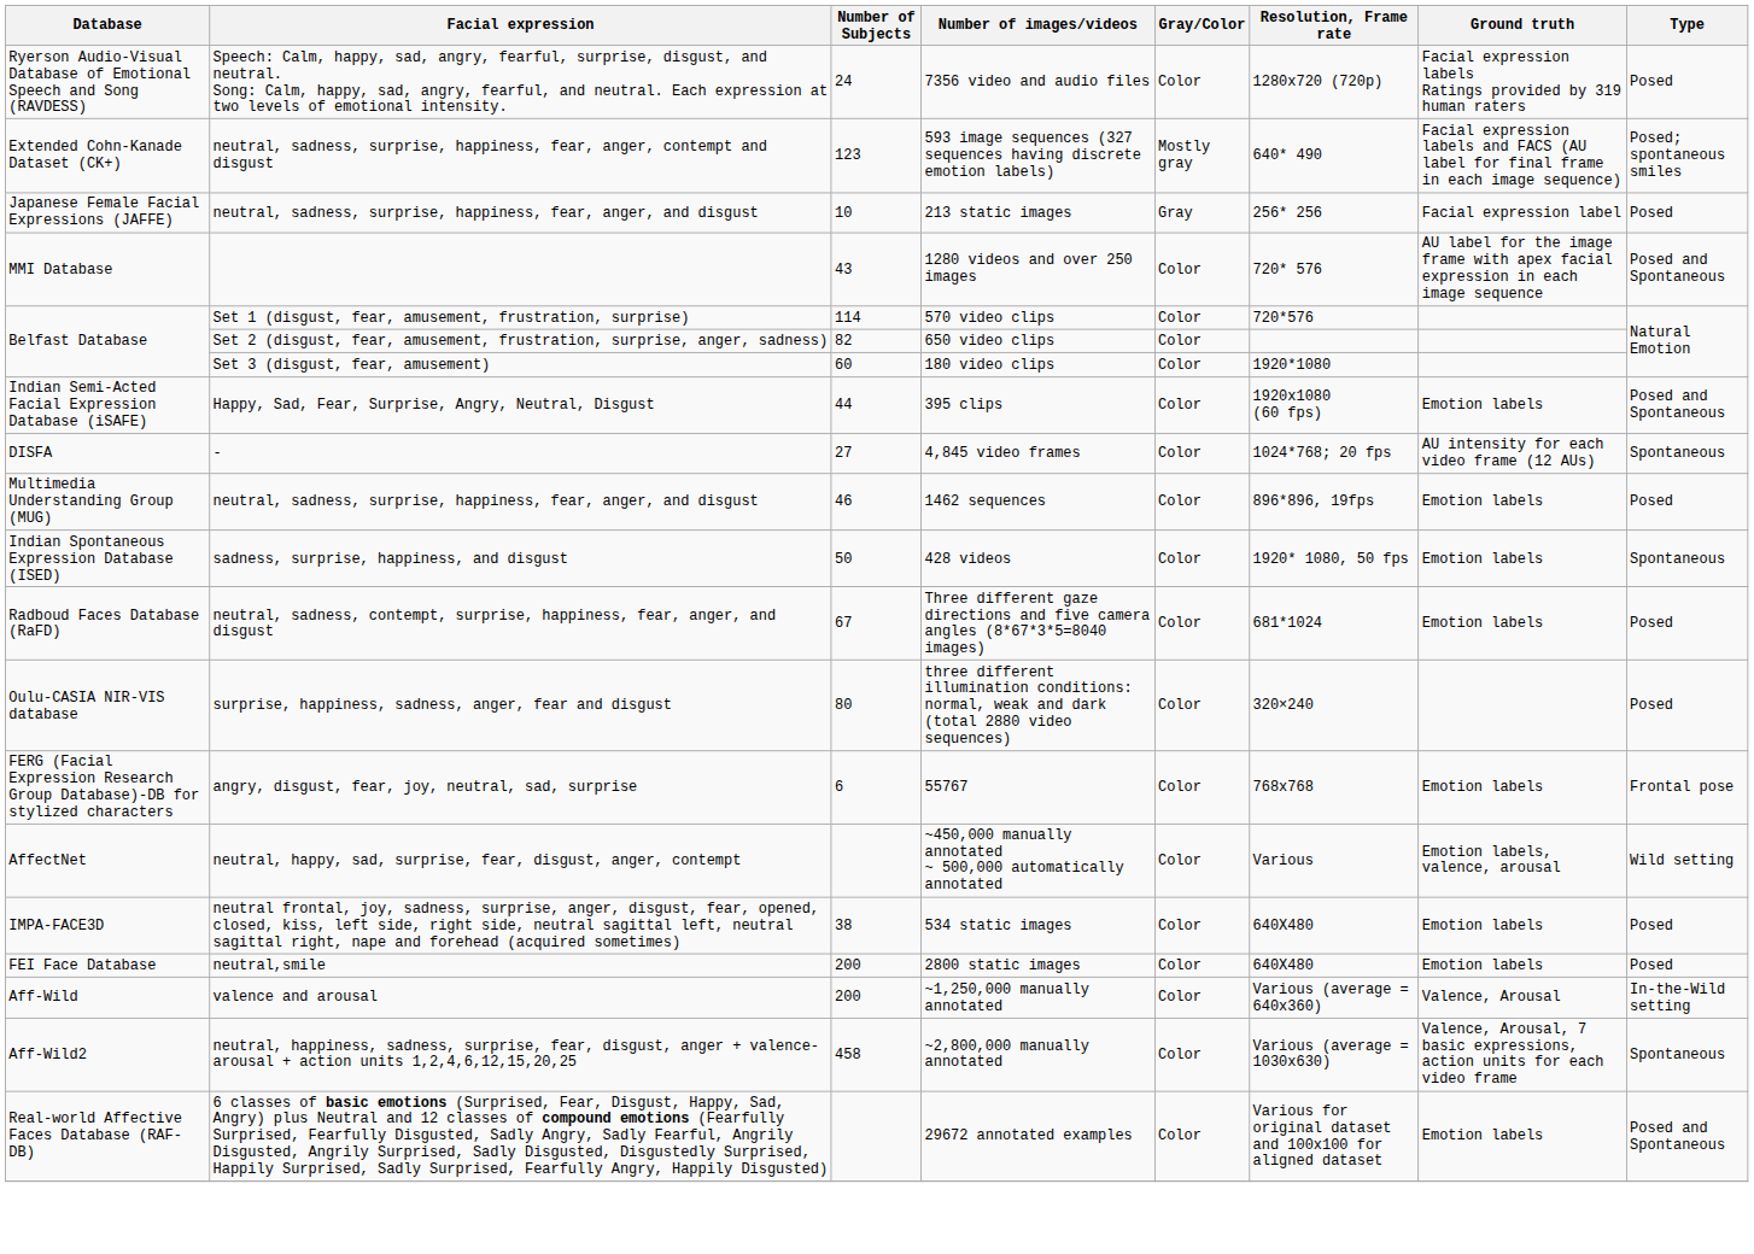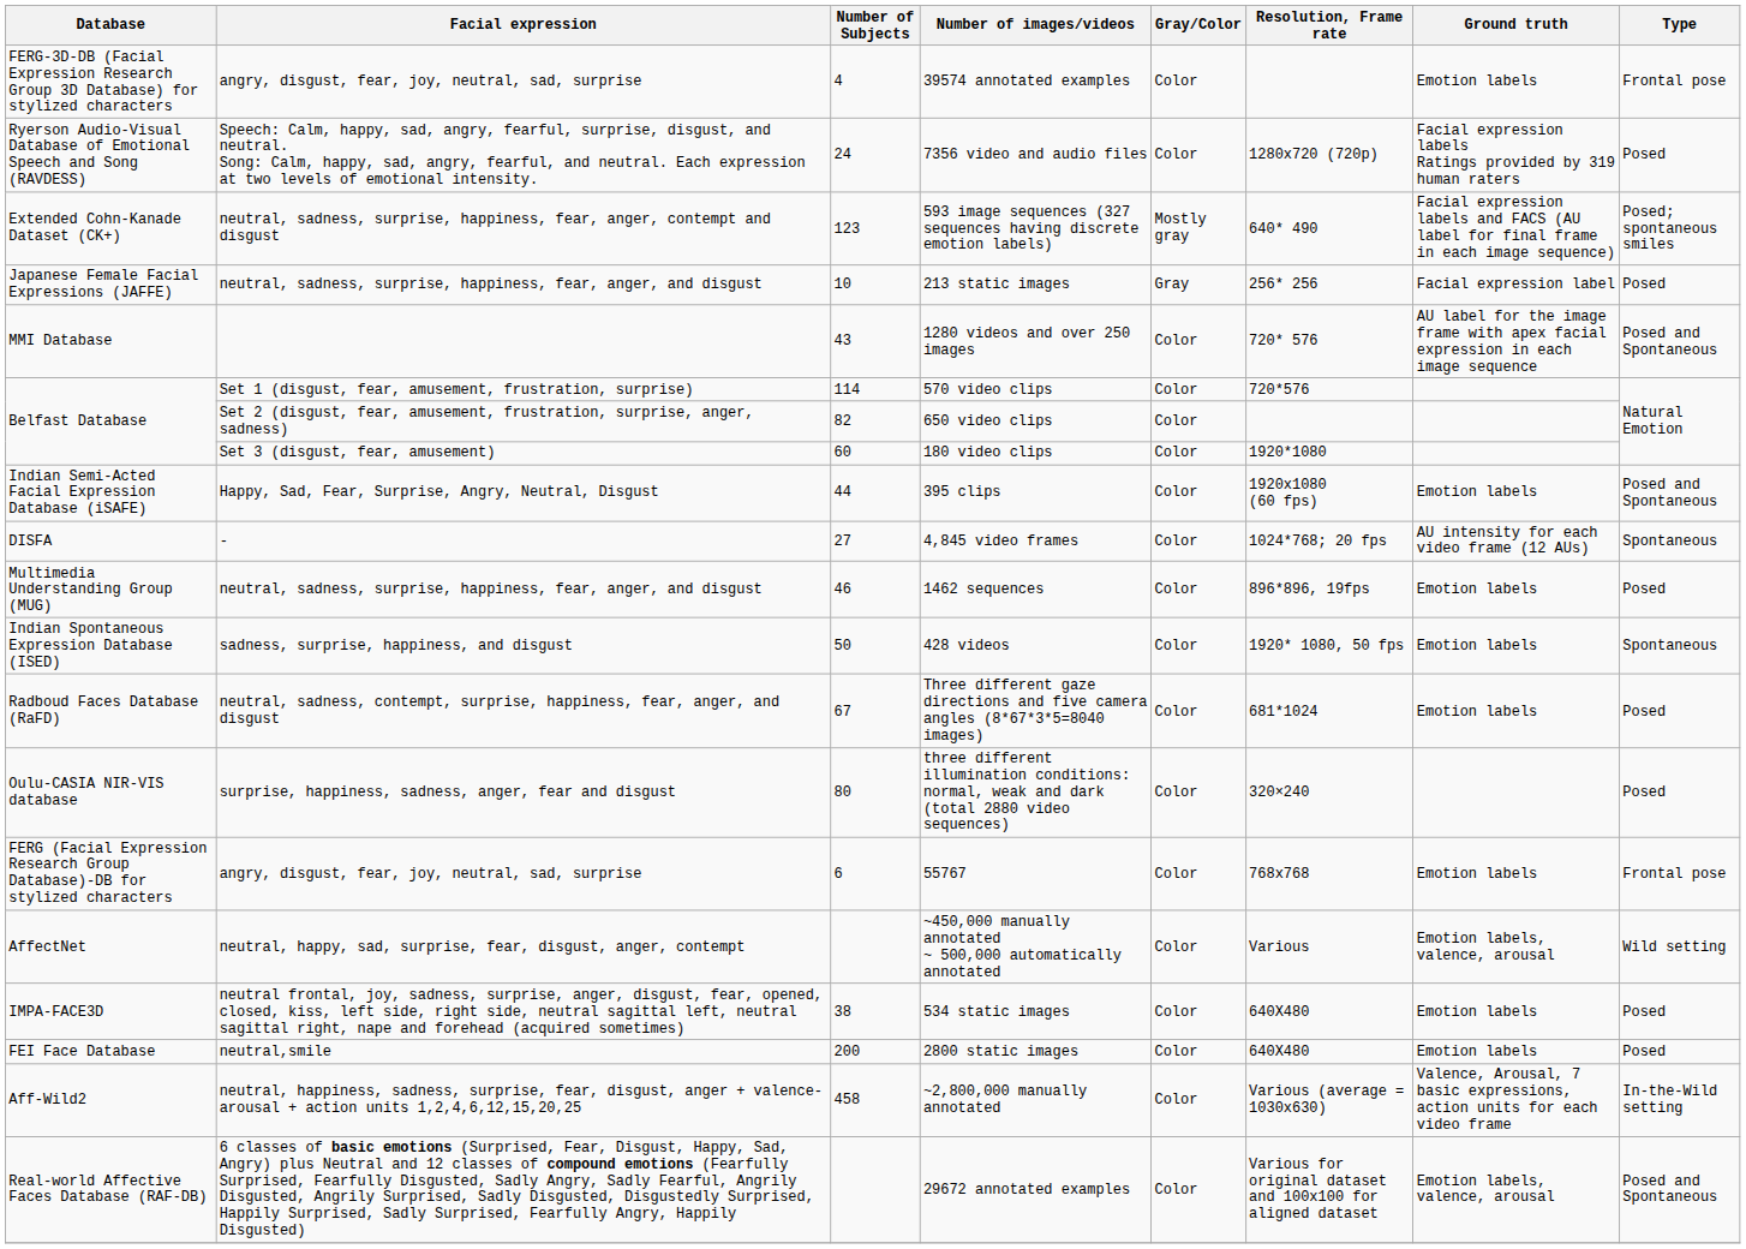 <table class="wikitable">
 <tr>
 <th>Database</th>
 <th>Facial expression</th>
 <th>Number of Subjects</th>
 <th>Number of images/videos</th>
 <th>Gray/Color</th>
 <th>Resolution, Frame rate</th>
 <th>Ground truth</th>
 <th>Type</th>
+</tr>
+<tr>
+<td>FERG-3D-DB (Facial Expression Research Group 3D Database) for stylized characters </td>
+<td>angry, disgust, fear, joy, neutral, sad, surprise</td>
+<td>4</td>
+<td>39574 annotated examples</td>
+<td>Color</td>
+<td></td>
+<td>Emotion labels</td>
+<td>Frontal pose</td>
 </tr>
 <tr>
 <td>Ryerson Audio-Visual Database of Emotional Speech and Song (RAVDESS) </td>
 <td>Speech: Calm, happy, sad, angry, fearful, surprise, disgust, and neutral.<br>Song: Calm, happy, sad, angry, fearful, and neutral.   Each expression at two levels of emotional intensity.</td>
 <td>24 </td>
 <td>7356 video and audio files</td>
 <td>Color</td>
 <td>1280x720 (720p)</td>
 <td>Facial expression labels<br>Ratings provided by 319 human raters</td>
 <td>Posed</td>
 </tr>
 <tr>
 <td>Extended Cohn-Kanade Dataset (CK+)</td>
 <td>neutral, sadness, surprise, happiness, fear, anger, contempt and disgust</td>
 <td>123 </td>
 <td>593 image sequences (327 sequences having discrete emotion labels)</td>
 <td>Mostly gray</td>
 <td>640* 490</td>
 <td>Facial expression labels and FACS (AU label for final frame in each image sequence)</td>
 <td>Posed; spontaneous smiles</td>
 </tr>
 <tr>
 <td>Japanese Female Facial Expressions (JAFFE)</td>
 <td>neutral, sadness, surprise, happiness, fear, anger, and disgust</td>
 <td>10</td>
 <td>213 static images</td>
 <td>Gray</td>
 <td>256* 256</td>
 <td>Facial expression label</td>
 <td>Posed</td>
 </tr>
 <tr>
 <td>MMI Database</td>
 <td></td>
 <td>43</td>
 <td>1280 videos and over 250 images</td>
 <td>Color</td>
 <td>720* 576</td>
 <td>AU label for the image frame with apex facial expression in each image sequence</td>
 <td>Posed and Spontaneous</td>
 </tr>
 <tr>
 <td rowspan="3">Belfast Database</td>
 <td>Set 1 (disgust, fear, amusement, frustration, surprise)</td>
 <td>114</td>
 <td>570 video clips</td>
 <td>Color</td>
 <td>720*576</td>
 <td></td>
 <td rowspan="3">Natural Emotion</td>
 </tr>
 <tr>
 <td>Set 2 (disgust, fear, amusement, frustration, surprise, anger, sadness)</td>
 <td>82</td>
 <td>650 video clips</td>
 <td>Color</td>
 <td></td>
 <td></td>
 </tr>
 <tr>
 <td>Set 3 (disgust, fear, amusement)</td>
 <td>60</td>
 <td>180 video clips</td>
 <td>Color</td>
 <td>1920*1080</td>
 <td></td>
 </tr>
 <tr>
 <td>Indian Semi-Acted Facial Expression Database (iSAFE)</td>
 <td>Happy, Sad, Fear, Surprise, Angry, Neutral, Disgust</td>
 <td>44</td>
 <td>395 clips</td>
 <td>Color</td>
 <td>1920x1080<br>(60 fps)</td>
 <td>Emotion labels</td>
 <td>Posed and Spontaneous</td>
 </tr>
 <tr>
 <td>DISFA</td>
 <td>-</td>
 <td>27</td>
 <td>4,845 video frames</td>
 <td>Color</td>
 <td>1024*768; 20 fps</td>
 <td>AU intensity for each video frame (12 AUs)</td>
 <td>Spontaneous</td>
 </tr>
 <tr>
 <td>Multimedia Understanding Group (MUG)</td>
 <td>neutral, sadness, surprise, happiness, fear, anger, and disgust</td>
 <td>46</td>
 <td>1462 sequences</td>
 <td>Color</td>
 <td>896*896, 19fps</td>
 <td>Emotion labels</td>
 <td>Posed</td>
 </tr>
 <tr>
 <td>Indian Spontaneous Expression Database (ISED)</td>
 <td>sadness, surprise, happiness, and disgust</td>
 <td>50</td>
 <td>428 videos </td>
 <td>Color</td>
 <td>1920* 1080, 50 fps</td>
 <td>Emotion labels</td>
 <td>Spontaneous</td>
 </tr>
 <tr>
 <td>Radboud Faces Database (RaFD)</td>
 <td>neutral, sadness, contempt, surprise, happiness, fear, anger, and disgust</td>
 <td>67</td>
 <td>Three different gaze directions and five camera angles (8*67*3*5=8040 images)</td>
 <td>Color</td>
 <td>681*1024</td>
 <td>Emotion labels</td>
 <td>Posed</td>
 </tr>
 <tr>
 <td>Oulu-CASIA NIR-VIS database</td>
 <td>surprise, happiness, sadness, anger, fear and disgust</td>
 <td>80</td>
 <td>three different illumination conditions: normal, weak and dark (total 2880 video sequences)</td>
 <td>Color</td>
 <td>320×240</td>
 <td></td>
 <td>Posed</td>
 </tr>
 <tr>
 <td>FERG (Facial Expression Research Group Database)-DB for stylized characters</td>
 <td>angry, disgust, fear, joy, neutral, sad, surprise</td>
 <td>6</td>
 <td>55767</td>
 <td>Color</td>
 <td>768x768</td>
 <td>Emotion labels</td>
 <td>Frontal pose</td>
 </tr>
 <tr>
 <td>AffectNet</td>
 <td>neutral, happy, sad, surprise, fear, disgust, anger, contempt</td>
 <td></td>
 <td>~450,000 manually annotated<br>~ 500,000 automatically annotated</td>
 <td>Color</td>
 <td>Various</td>
 <td>Emotion labels, valence, arousal</td>
 <td>Wild setting</td>
 </tr>
 <tr>
 <td>IMPA-FACE3D</td>
 <td>neutral frontal, joy, sadness, surprise, anger, disgust, fear, opened, closed, kiss, left side, right side, neutral sagittal left, neutral sagittal right, nape and forehead (acquired sometimes)</td>
 <td>38</td>
 <td>534 static images</td>
 <td>Color</td>
 <td>640X480</td>
 <td>Emotion labels</td>
 <td>Posed</td>
 </tr>
 <tr>
 <td>FEI Face Database</td>
 <td>neutral,smile</td>
 <td>200</td>
 <td>2800 static images</td>
 <td>Color</td>
 <td>640X480</td>
 <td>Emotion labels</td>
 <td>Posed</td>
 </tr>
 <tr>
-<td>Aff-Wild</td>
-<td>valence and arousal</td>
-<td>200</td>
-<td>~1,250,000 manually annotated</td>
-<td>Color</td>
-<td>Various (average = 640x360)</td>
-<td>Valence, Arousal</td>
-<td>In-the-Wild setting</td>
-</tr>
-<tr>
 <td>Aff-Wild2</td>
 <td>neutral, happiness, sadness, surprise, fear, disgust, anger + valence-arousal + action units 1,2,4,6,12,15,20,25</td>
 <td>458</td>
 <td>~2,800,000 manually annotated</td>
 <td>Color</td>
 <td>Various (average = 1030x630)</td>
 <td>Valence, Arousal, 7 basic expressions, action units for each video frame</td>
-<td>Spontaneous</td>
+<td>In-the-Wild setting</td>
 </tr>
 <tr>
 <td>Real-world Affective Faces Database (RAF-DB)</td>
 <td>6 classes of <strong>basic emotions</strong> (Surprised, Fear, Disgust, Happy, Sad, Angry) plus Neutral and 12 classes of <strong>compound emotions</strong> (Fearfully Surprised, Fearfully Disgusted, Sadly Angry, Sadly Fearful, Angrily Disgusted, Angrily Surprised, Sadly Disgusted, Disgustedly Surprised, Happily Surprised, Sadly Surprised, Fearfully Angry, Happily Disgusted)</td>
 <td></td>
 <td>29672 annotated examples</td>
 <td>Color</td>
 <td>Various for original dataset and 100x100 for aligned dataset</td>
-<td>Emotion labels</td>
+<td>Emotion labels, valence, arousal</td>
 <td>Posed and Spontaneous</td>
 </tr>
 <tr>
 </tr>
 </table>
